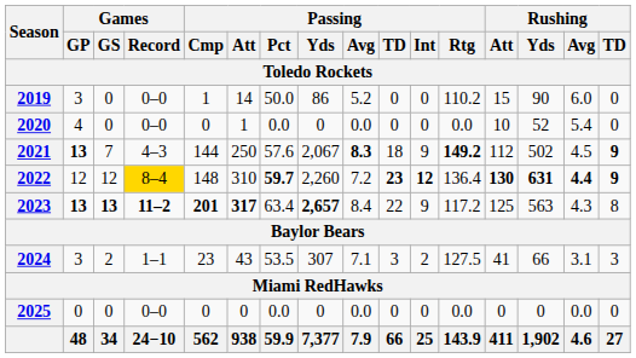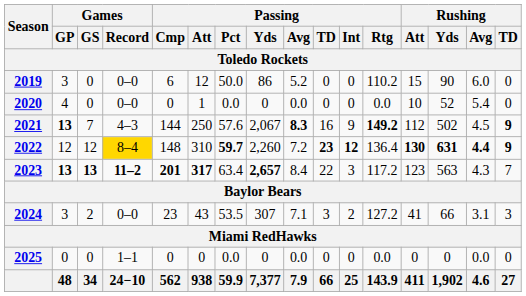 <table class="wikitable" style="text-align:center;">
 <tr>
 <th rowspan="2">Season</th>
 <th colspan="3">Games</th>
 <th colspan="8">Passing</th>
 <th colspan="5">Rushing</th>
 </tr>
 <tr>
 <th>GP</th>
 <th>GS</th>
 <th>Record</th>
 <th>Cmp</th>
 <th>Att</th>
 <th>Pct</th>
 <th>Yds</th>
 <th>Avg</th>
 <th>TD</th>
 <th>Int</th>
 <th>Rtg</th>
 <th>Att</th>
 <th>Yds</th>
 <th>Avg</th>
 <th>TD</th>
 </tr>
 <tr>
 <th colspan="16">Toledo Rockets</th>
 </tr>
 <tr>
 <th><a href='#'>2019</a></th>
 <td>3</td>
 <td>0</td>
 <td>0–0</td>
-<td>1</td>
-<td>14</td>
+<td>6</td>
+<td>12</td>
 <td>50.0</td>
 <td>86</td>
 <td>5.2</td>
 <td>0</td>
 <td>0</td>
 <td>110.2</td>
 <td>15</td>
 <td>90</td>
 <td>6.0</td>
 <td>0</td>
 </tr>
 <tr>
 <th><a href='#'>2020</a></th>
 <td>4</td>
 <td>0</td>
 <td>0–0</td>
 <td>0</td>
 <td>1</td>
 <td>0.0</td>
 <td>0</td>
 <td>0.0</td>
 <td>0</td>
 <td>0</td>
 <td>0.0</td>
 <td>10</td>
 <td>52</td>
 <td>5.4</td>
 <td>0</td>
 </tr>
 <tr>
 <th><a href='#'>2021</a></th>
 <td><strong>13</strong></td>
 <td>7</td>
 <td>4–3</td>
 <td>144</td>
 <td>250</td>
 <td>57.6</td>
 <td>2,067</td>
 <td><strong>8.3</strong></td>
-<td>18</td>
+<td>16</td>
 <td>9</td>
 <td><strong>149.2</strong></td>
 <td>112</td>
 <td>502</td>
 <td>4.5</td>
 <td><strong>9</strong></td>
 </tr>
 <tr>
 <th><a href='#'>2022</a></th>
 <td>12</td>
 <td>12</td>
 <td style="background: gold;">8–4</td>
 <td>148</td>
 <td>310</td>
 <td><strong>59.7</strong></td>
 <td>2,260</td>
 <td>7.2</td>
 <td><strong>23</strong></td>
 <td><strong>12</strong></td>
 <td>136.4</td>
 <td><strong>130</strong></td>
 <td><strong>631</strong></td>
 <td><strong>4.4</strong></td>
 <td><strong>9</strong></td>
 </tr>
 <tr>
 <th><a href='#'>2023</a></th>
 <td><strong>13</strong></td>
 <td><strong>13</strong></td>
 <td><strong>11–2</strong></td>
 <td><strong>201</strong></td>
 <td><strong>317</strong></td>
 <td>63.4</td>
 <td><strong>2,657</strong></td>
 <td>8.4</td>
 <td>22</td>
-<td>9</td>
+<td>3</td>
 <td>117.2</td>
-<td>125</td>
+<td>123</td>
 <td>563</td>
 <td>4.3</td>
-<td>8</td>
+<td>7</td>
 </tr>
 <tr>
 <th colspan="16">Baylor Bears</th>
 </tr>
 <tr>
 <th><a href='#'>2024</a></th>
 <td>3</td>
 <td>2</td>
-<td>1–1</td>
+<td>0–0</td>
 <td>23</td>
 <td>43</td>
 <td>53.5</td>
 <td>307</td>
 <td>7.1</td>
 <td>3</td>
 <td>2</td>
-<td>127.5</td>
+<td>127.2</td>
 <td>41</td>
 <td>66</td>
 <td>3.1</td>
 <td>3</td>
 </tr>
 <tr>
 <th colspan="16">Miami RedHawks</th>
 </tr>
 <tr>
 <th><a href='#'>2025</a></th>
 <td>0</td>
 <td>0</td>
-<td>0–0</td>
+<td>1–1</td>
 <td>0</td>
 <td>0</td>
 <td>0.0</td>
 <td>0</td>
 <td>0.0</td>
 <td>0</td>
 <td>0</td>
 <td>0.0</td>
 <td>0</td>
 <td>0</td>
 <td>0.0</td>
 <td>0</td>
 </tr>
 <tr>
 <th></th>
 <th>48</th>
 <th>34</th>
 <th>24−10</th>
 <th>562</th>
 <th>938</th>
 <th>59.9</th>
 <th>7,377</th>
 <th>7.9</th>
 <th>66</th>
 <th>25</th>
 <th>143.9</th>
 <th>411</th>
 <th>1,902</th>
 <th>4.6</th>
 <th>27</th>
 </tr>
 </table>
